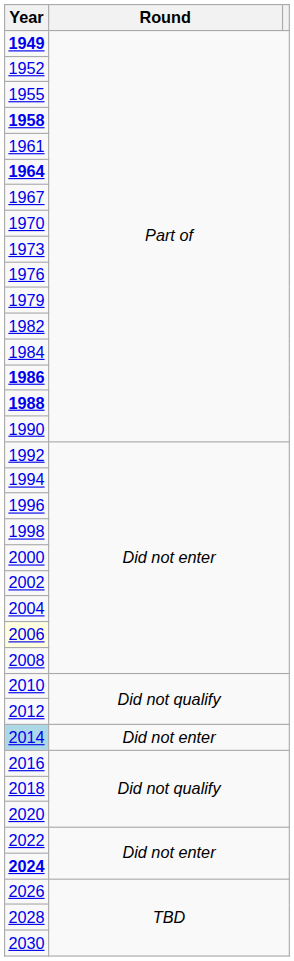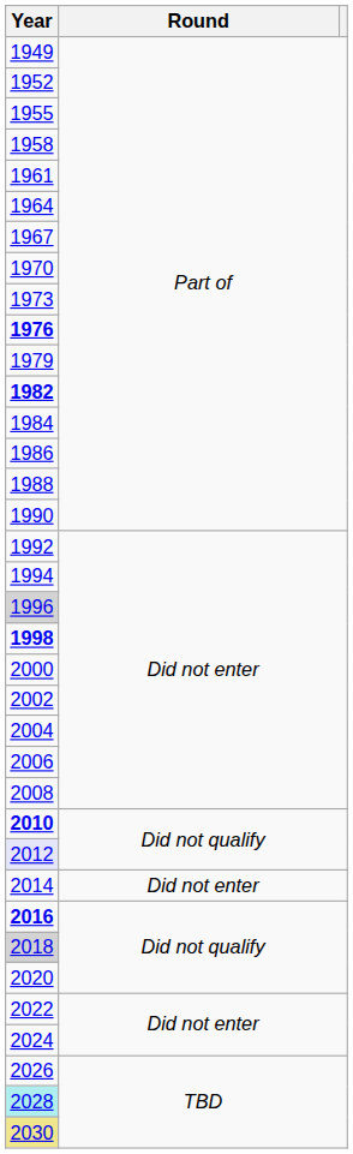 <table class="wikitable" style="text-align: center; font-size:90%">
 <tr>
 <th>Year</th>
 <th style="width:200px">Round</th>
 <th></th>
 </tr>
 <tr>
-<td><strong><a href='#'>1949</a></strong></td>
+<td><a href='#'>1949</a></td>
 <td colspan="2" rowspan="16"><em>Part of </em></td>
 </tr>
 <tr>
 <td><a href='#'>1952</a></td>
 </tr>
 <tr>
 <td><a href='#'>1955</a></td>
 </tr>
 <tr>
-<td><strong><a href='#'>1958</a></strong></td>
+<td><a href='#'>1958</a></td>
 </tr>
 <tr>
 <td><a href='#'>1961</a></td>
 </tr>
 <tr>
-<td><strong><a href='#'>1964</a></strong></td>
+<td><a href='#'>1964</a></td>
 </tr>
 <tr>
 <td><a href='#'>1967</a></td>
 </tr>
 <tr>
 <td><a href='#'>1970</a></td>
 </tr>
 <tr>
 <td><a href='#'>1973</a></td>
 </tr>
 <tr>
-<td><a href='#'>1976</a></td>
+<td><strong><a href='#'>1976</a></strong></td>
 </tr>
 <tr>
 <td><a href='#'>1979</a></td>
 </tr>
 <tr>
-<td><a href='#'>1982</a></td>
+<td><strong><a href='#'>1982</a></strong></td>
 </tr>
 <tr>
 <td><a href='#'>1984</a></td>
 </tr>
 <tr>
-<td><strong><a href='#'>1986</a></strong></td>
+<td><a href='#'>1986</a></td>
 </tr>
 <tr>
-<td><strong><a href='#'>1988</a></strong></td>
+<td><a href='#'>1988</a></td>
 </tr>
 <tr>
 <td><a href='#'>1990</a></td>
 </tr>
 <tr>
 <td><a href='#'>1992</a></td>
 <td colspan="2" rowspan="9"><em>Did not enter</em></td>
 </tr>
 <tr>
 <td><a href='#'>1994</a></td>
 </tr>
 <tr>
-<td><a href='#'>1996</a></td>
+<td style="background: lightgrey;"><a href='#'>1996</a></td>
 </tr>
 <tr>
-<td><a href='#'>1998</a></td>
+<td><strong><a href='#'>1998</a></strong></td>
 </tr>
 <tr>
 <td><a href='#'>2000</a></td>
 </tr>
 <tr>
 <td><a href='#'>2002</a></td>
 </tr>
 <tr>
 <td><a href='#'>2004</a></td>
 </tr>
 <tr>
-<td style="background: lightyellow;"><a href='#'>2006</a></td>
+<td><a href='#'>2006</a></td>
 </tr>
 <tr>
 <td><a href='#'>2008</a></td>
 </tr>
 <tr>
-<td><a href='#'>2010</a></td>
+<td><strong><a href='#'>2010</a></strong></td>
 <td colspan="2" rowspan="2"><em>Did not qualify</em></td>
 </tr>
 <tr>
-<td><a href='#'>2012</a></td>
+<td style="background: lavender;"><a href='#'>2012</a></td>
 </tr>
 <tr>
-<td style="background: lightblue;"><a href='#'>2014</a></td>
+<td><a href='#'>2014</a></td>
 <td colspan="2"><em>Did not enter</em></td>
 </tr>
 <tr>
-<td><a href='#'>2016</a></td>
+<td><strong><a href='#'>2016</a></strong></td>
 <td colspan="2" rowspan="3"><em>Did not qualify</em></td>
 </tr>
 <tr>
-<td><a href='#'>2018</a></td>
+<td style="background: lightgrey;"><a href='#'>2018</a></td>
 </tr>
 <tr>
 <td><a href='#'>2020</a></td>
 </tr>
 <tr>
 <td><a href='#'>2022</a></td>
 <td colspan="2" rowspan="2"><em>Did not enter</em></td>
 </tr>
 <tr>
-<td><strong><a href='#'>2024</a></strong></td>
+<td><a href='#'>2024</a></td>
 </tr>
 <tr>
 <td><a href='#'>2026</a></td>
 <td colspan="2" rowspan="3"><em>TBD</em></td>
 </tr>
 <tr>
-<td><a href='#'>2028</a></td>
+<td style="background: paleturquoise;"><a href='#'>2028</a></td>
 </tr>
 <tr>
-<td><a href='#'>2030</a></td>
+<td style="background: khaki;"><a href='#'>2030</a></td>
 </tr>
 </table>
